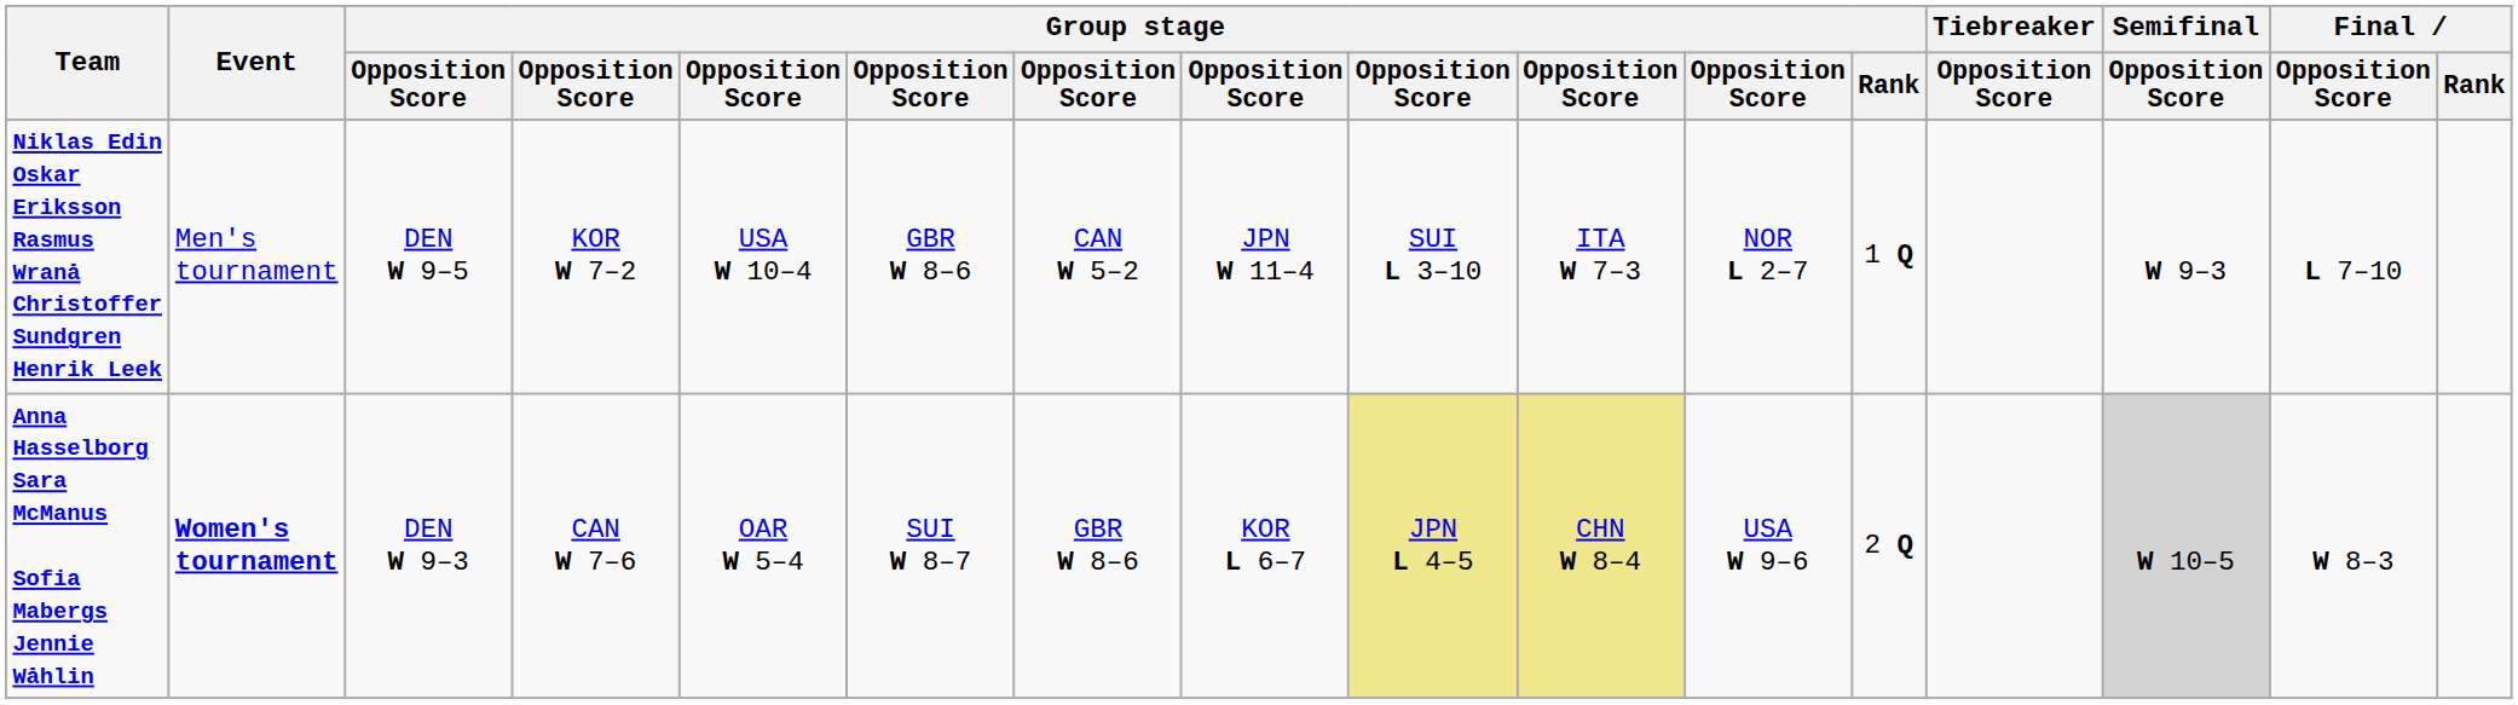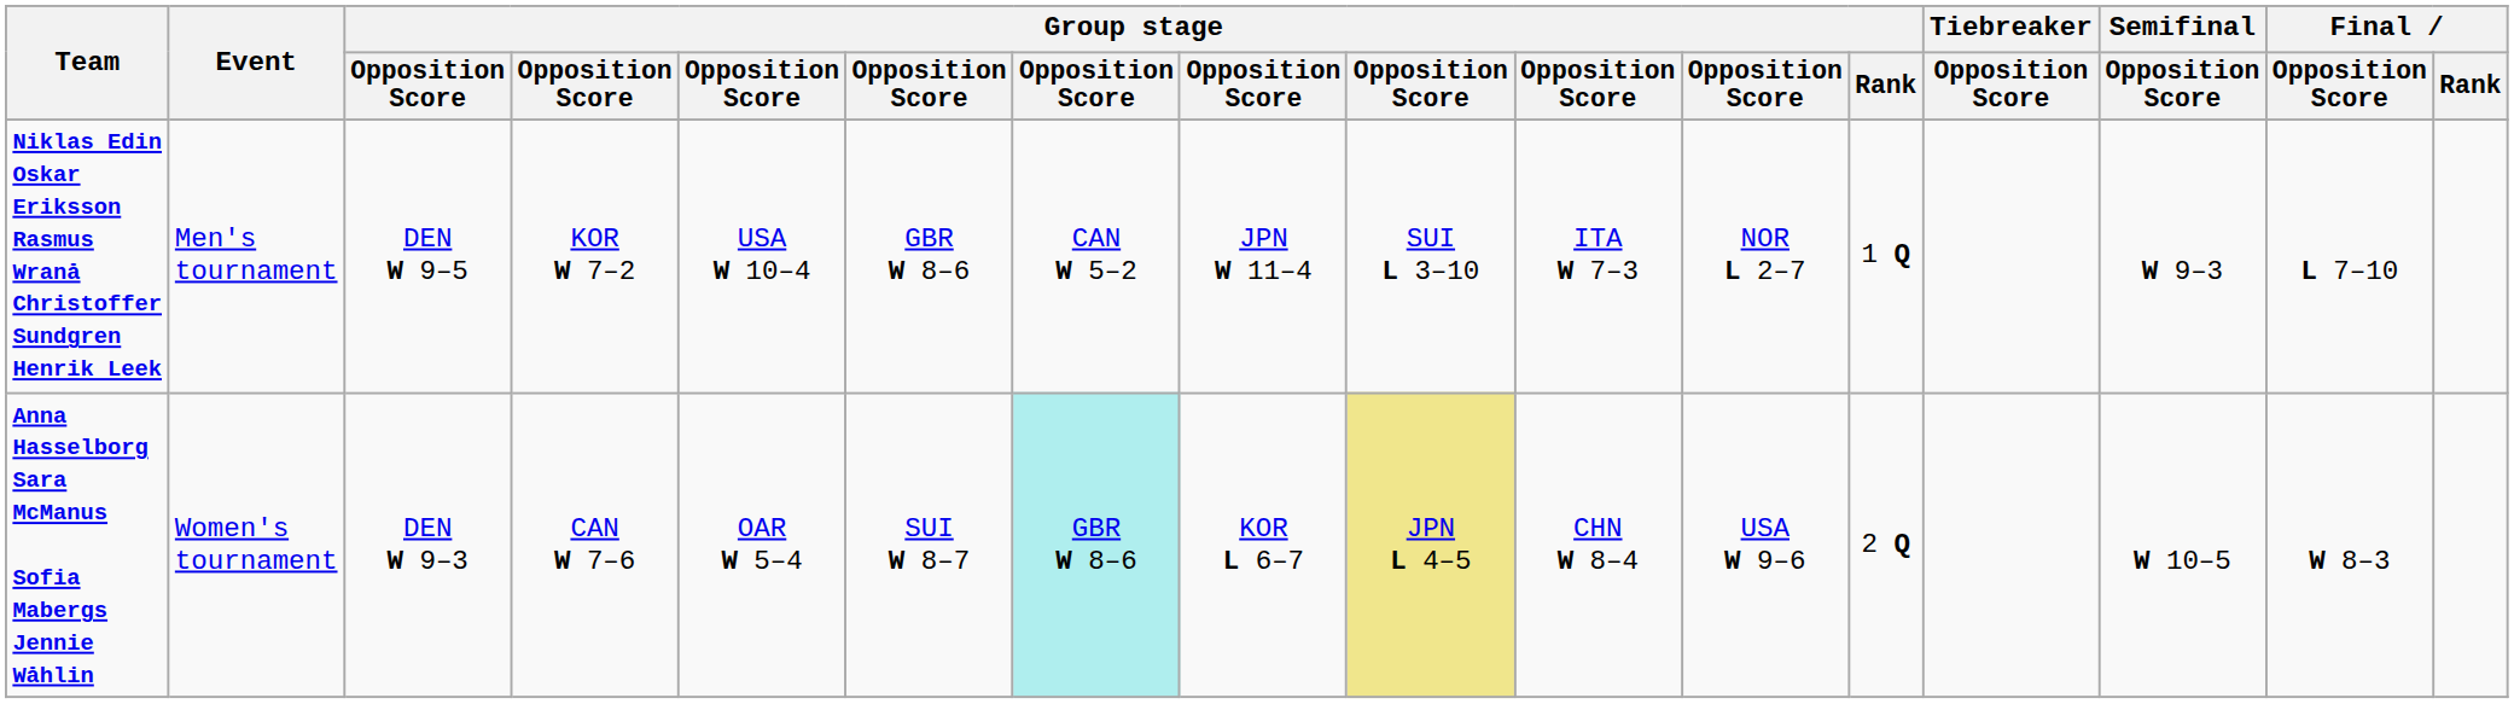 <table class="wikitable" style="font-size:90%">
 <tr>
 <th rowspan=2>Team</th>
 <th rowspan=2>Event</th>
 <th colspan=10>Group stage</th>
 <th>Tiebreaker</th>
 <th>Semifinal</th>
 <th colspan=2>Final / </th>
 </tr>
 <tr style="font-size:95%">
 <th>Opposition<br>Score</th>
 <th>Opposition<br>Score</th>
 <th>Opposition<br>Score</th>
 <th>Opposition<br>Score</th>
 <th>Opposition<br>Score</th>
 <th>Opposition<br>Score</th>
 <th>Opposition<br>Score</th>
 <th>Opposition<br>Score</th>
 <th>Opposition<br>Score</th>
 <th>Rank</th>
 <th>Opposition<br>Score</th>
 <th>Opposition<br>Score</th>
 <th>Opposition<br>Score</th>
 <th>Rank</th>
 </tr>
 <tr align=center>
 <td align=left><strong><small><a href='#'>Niklas Edin</a><br><a href='#'>Oskar Eriksson</a><br><a href='#'>Rasmus Wranå</a><br><a href='#'>Christoffer Sundgren</a><br><a href='#'>Henrik Leek</a></small></strong></td>
 <td align=left><a href='#'>Men's tournament</a></td>
 <td> <a href='#'>DEN</a><br> <strong>W</strong> 9–5</td>
 <td> <a href='#'>KOR</a><br> <strong>W</strong> 7–2</td>
 <td> <a href='#'>USA</a><br> <strong>W</strong> 10–4</td>
 <td> <a href='#'>GBR</a><br> <strong>W</strong> 8–6</td>
 <td> <a href='#'>CAN</a><br> <strong>W</strong> 5–2</td>
 <td> <a href='#'>JPN</a><br> <strong>W</strong> 11–4</td>
 <td> <a href='#'>SUI</a><br> <strong>L</strong> 3–10</td>
 <td> <a href='#'>ITA</a><br> <strong>W</strong> 7–3</td>
 <td> <a href='#'>NOR</a><br> <strong>L</strong> 2–7</td>
 <td>1 <strong>Q</strong></td>
 <td></td>
 <td><br> <strong>W</strong> 9–3</td>
 <td><br> <strong>L</strong> 7–10</td>
 <td></td>
 </tr>
 <tr align=center>
 <td align=left><strong><small><a href='#'>Anna Hasselborg</a><br><a href='#'>Sara McManus</a><br><br><a href='#'>Sofia Mabergs</a><br><a href='#'>Jennie Wåhlin</a></small></strong></td>
-<td align=left><strong><a href='#'>Women's tournament</a></strong></td>
+<td align=left><a href='#'>Women's tournament</a></td>
 <td> <a href='#'>DEN</a><br> <strong>W</strong> 9–3</td>
 <td> <a href='#'>CAN</a><br> <strong>W</strong> 7–6</td>
 <td> <a href='#'>OAR</a><br> <strong>W</strong> 5–4</td>
 <td> <a href='#'>SUI</a><br> <strong>W</strong> 8–7</td>
-<td> <a href='#'>GBR</a><br> <strong>W</strong> 8–6</td>
+<td style="background: paleturquoise;"> <a href='#'>GBR</a><br> <strong>W</strong> 8–6</td>
 <td> <a href='#'>KOR</a><br> <strong>L</strong> 6–7</td>
 <td style="background: khaki;"> <a href='#'>JPN</a><br> <strong>L</strong> 4–5</td>
-<td style="background: khaki;"> <a href='#'>CHN</a><br> <strong>W</strong> 8–4</td>
+<td> <a href='#'>CHN</a><br> <strong>W</strong> 8–4</td>
 <td> <a href='#'>USA</a><br> <strong>W</strong> 9–6</td>
 <td>2 <strong>Q</strong></td>
 <td></td>
-<td style="background: lightgrey;"><br> <strong>W</strong> 10–5</td>
+<td><br> <strong>W</strong> 10–5</td>
 <td><br> <strong>W</strong> 8–3</td>
 <td></td>
 </tr>
 </table>
